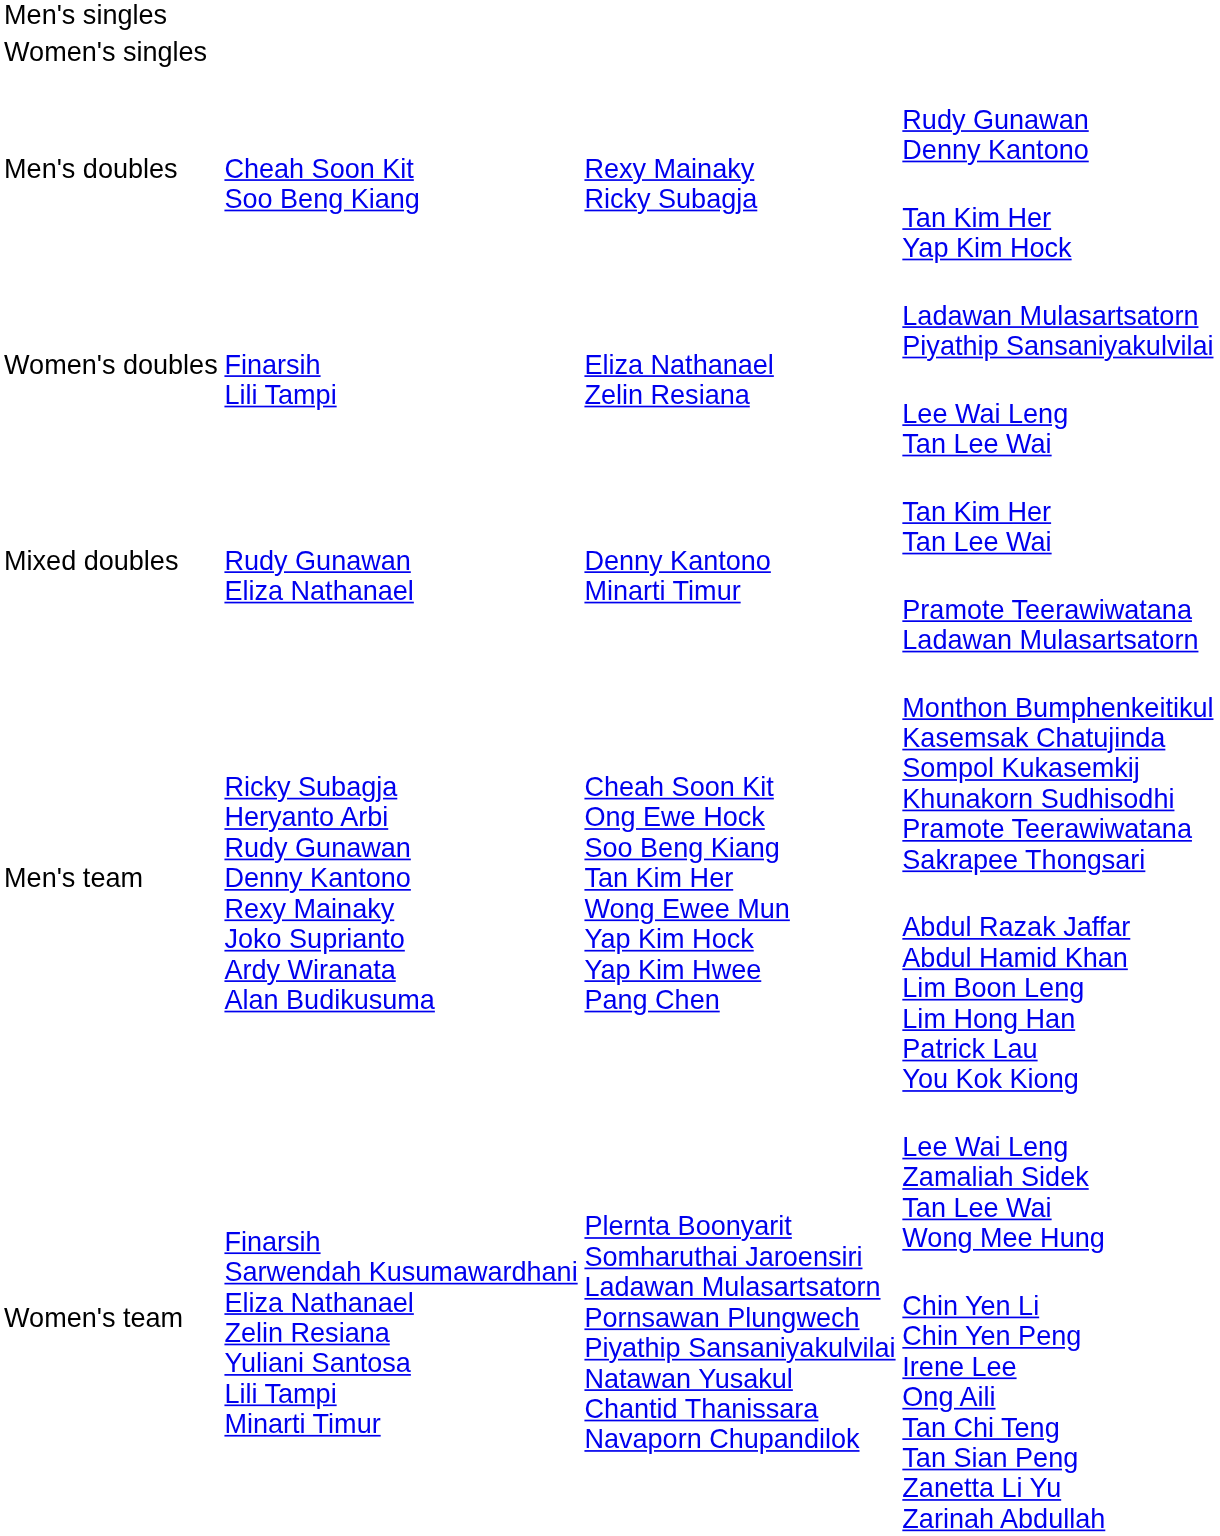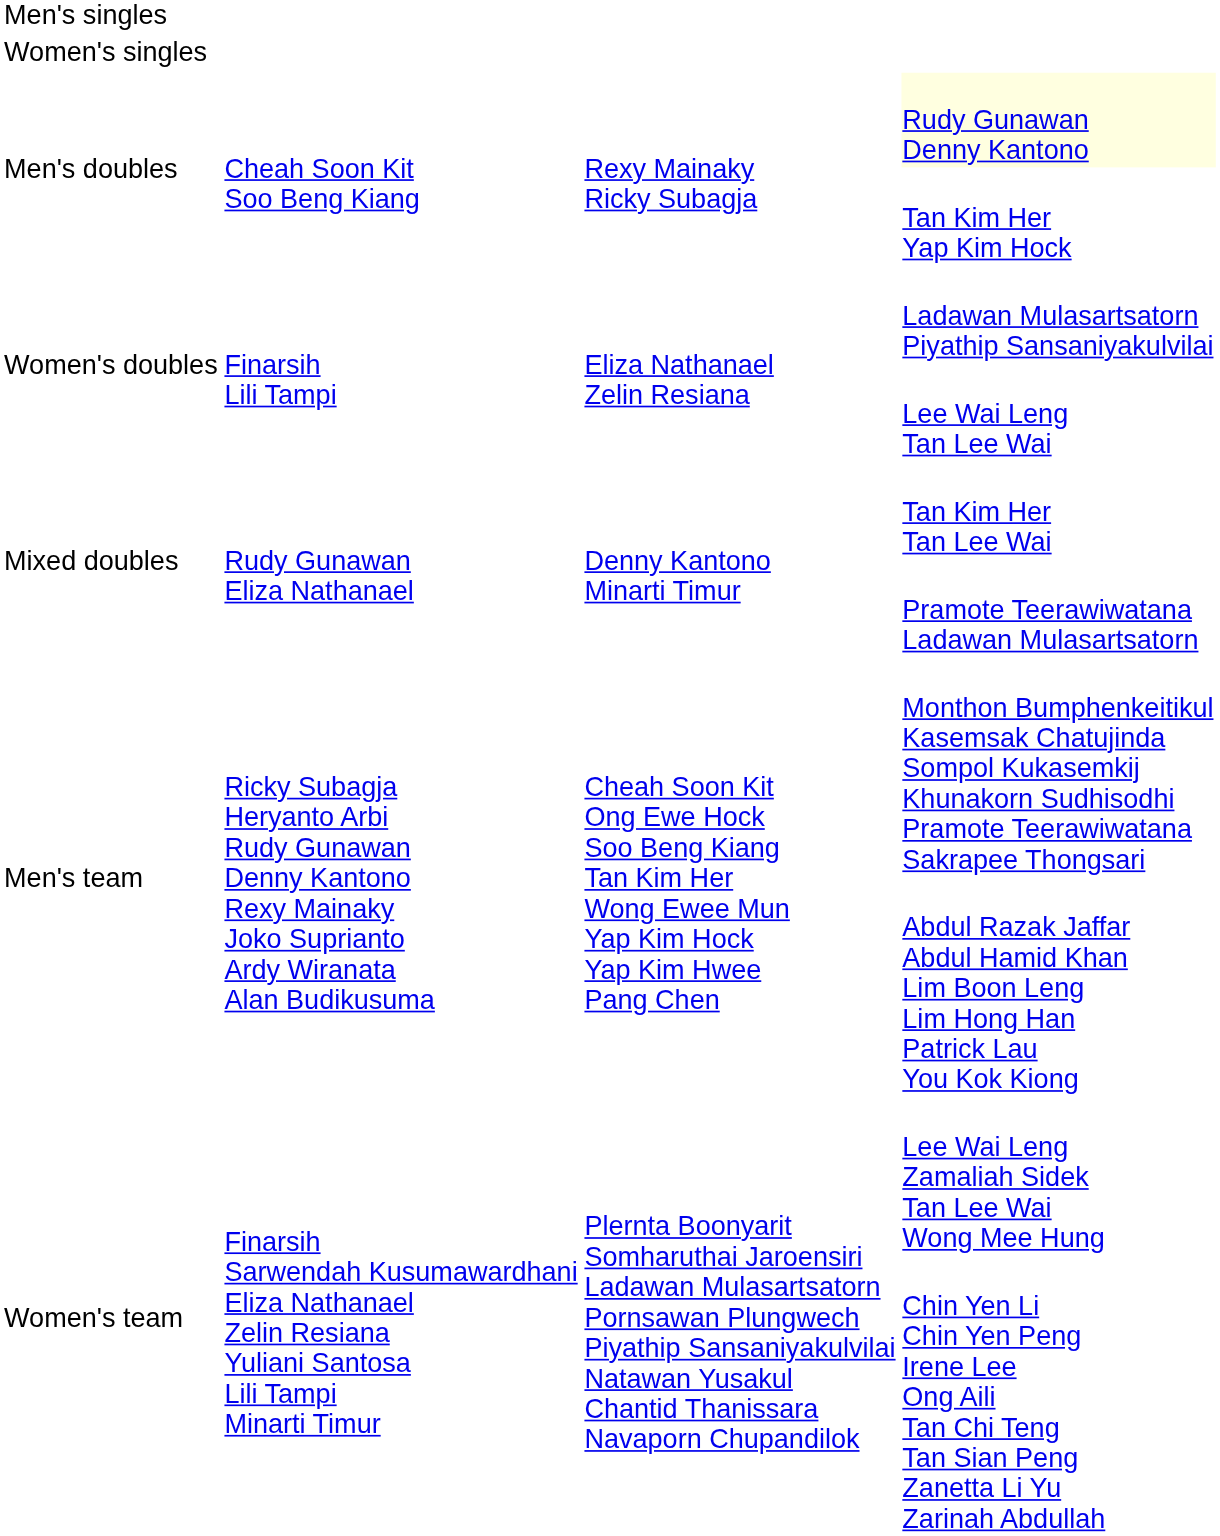 <table>
 <tr>
 <td rowspan="2">Men's singles<br></td>
 <td rowspan="2"></td>
 <td rowspan="2"></td>
 <td></td>
 </tr>
 <tr>
 <td></td>
 </tr>
 <tr>
 <td rowspan="2">Women's singles<br></td>
 <td rowspan="2"></td>
 <td rowspan="2"></td>
 <td></td>
 </tr>
 <tr>
 <td></td>
 </tr>
 <tr>
 <td rowspan="2">Men's doubles<br></td>
 <td rowspan="2"><br><a href='#'>Cheah Soon Kit</a><br><a href='#'>Soo Beng Kiang</a></td>
 <td rowspan="2"><br><a href='#'>Rexy Mainaky</a><br><a href='#'>Ricky Subagja</a></td>
-<td><br><a href='#'>Rudy Gunawan</a><br><a href='#'>Denny Kantono</a></td>
+<td style="background: lightyellow;"><br><a href='#'>Rudy Gunawan</a><br><a href='#'>Denny Kantono</a></td>
 </tr>
 <tr>
 <td><br><a href='#'>Tan Kim Her</a><br><a href='#'>Yap Kim Hock</a></td>
 </tr>
 <tr>
 <td rowspan="2">Women's doubles<br></td>
 <td rowspan="2"><br><a href='#'>Finarsih</a><br><a href='#'>Lili Tampi</a></td>
 <td rowspan="2"><br><a href='#'>Eliza Nathanael</a><br><a href='#'>Zelin Resiana</a></td>
 <td><br><a href='#'>Ladawan Mulasartsatorn</a><br><a href='#'>Piyathip Sansaniyakulvilai</a></td>
 </tr>
 <tr>
 <td><br><a href='#'>Lee Wai Leng</a><br><a href='#'>Tan Lee Wai</a></td>
 </tr>
 <tr>
 <td rowspan="2">Mixed doubles<br></td>
 <td rowspan="2"><br><a href='#'>Rudy Gunawan</a><br><a href='#'>Eliza Nathanael</a></td>
 <td rowspan="2"><br><a href='#'>Denny Kantono</a><br><a href='#'>Minarti Timur</a></td>
 <td><br><a href='#'>Tan Kim Her</a><br><a href='#'>Tan Lee Wai</a></td>
 </tr>
 <tr>
 <td><br><a href='#'>Pramote Teerawiwatana</a><br><a href='#'>Ladawan Mulasartsatorn</a></td>
 </tr>
 <tr>
 <td rowspan="2">Men's team<br></td>
 <td rowspan="2"><br><a href='#'>Ricky Subagja</a><br><a href='#'>Heryanto Arbi</a><br><a href='#'>Rudy Gunawan</a><br><a href='#'>Denny Kantono</a><br><a href='#'>Rexy Mainaky</a><br><a href='#'>Joko Suprianto</a><br><a href='#'>Ardy Wiranata</a><br><a href='#'>Alan Budikusuma</a></td>
 <td rowspan="2"><br><a href='#'>Cheah Soon Kit</a><br><a href='#'>Ong Ewe Hock</a><br><a href='#'>Soo Beng Kiang</a><br><a href='#'>Tan Kim Her</a><br><a href='#'>Wong Ewee Mun</a><br><a href='#'>Yap Kim Hock</a><br><a href='#'>Yap Kim Hwee</a><br><a href='#'>Pang Chen</a></td>
 <td><br><a href='#'>Monthon Bumphenkeitikul</a><br><a href='#'>Kasemsak Chatujinda</a><br><a href='#'>Sompol Kukasemkij</a><br><a href='#'>Khunakorn Sudhisodhi</a><br><a href='#'>Pramote Teerawiwatana</a><br><a href='#'>Sakrapee Thongsari</a></td>
 </tr>
 <tr>
 <td><br><a href='#'>Abdul Razak Jaffar</a><br><a href='#'>Abdul Hamid Khan</a><br><a href='#'>Lim Boon Leng</a><br><a href='#'>Lim Hong Han</a><br><a href='#'>Patrick Lau</a><br><a href='#'>You Kok Kiong</a></td>
 </tr>
 <tr>
 <td rowspan="2">Women's team<br></td>
 <td rowspan="2"><br><a href='#'>Finarsih</a><br><a href='#'>Sarwendah Kusumawardhani</a><br><a href='#'>Eliza Nathanael</a><br><a href='#'>Zelin Resiana</a><br><a href='#'>Yuliani Santosa</a><br><a href='#'>Lili Tampi</a><br><a href='#'>Minarti Timur</a></td>
 <td rowspan="2"><br><a href='#'>Plernta Boonyarit</a><br><a href='#'>Somharuthai Jaroensiri</a><br><a href='#'>Ladawan Mulasartsatorn</a><br><a href='#'>Pornsawan Plungwech</a><br><a href='#'>Piyathip Sansaniyakulvilai</a><br><a href='#'>Natawan Yusakul</a><br><a href='#'>Chantid Thanissara</a><br><a href='#'>Navaporn Chupandilok</a></td>
 <td><br><a href='#'>Lee Wai Leng</a><br><a href='#'>Zamaliah Sidek</a><br><a href='#'>Tan Lee Wai</a><br><a href='#'>Wong Mee Hung</a></td>
 </tr>
 <tr>
 <td><br><a href='#'>Chin Yen Li</a><br><a href='#'>Chin Yen Peng</a><br><a href='#'>Irene Lee</a><br><a href='#'>Ong Aili</a><br><a href='#'>Tan Chi Teng</a><br><a href='#'>Tan Sian Peng</a><br><a href='#'>Zanetta Li Yu</a><br><a href='#'>Zarinah Abdullah</a></td>
 </tr>
 </table>
